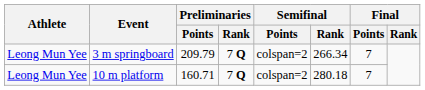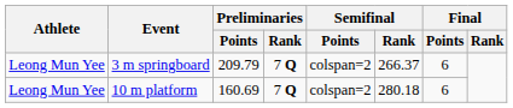 <table class="wikitable" style="font-size:90%;">
 <tr>
 <th rowspan=2>Athlete</th>
 <th rowspan=2>Event</th>
 <th colspan=2>Preliminaries</th>
 <th colspan=2>Semifinal</th>
 <th colspan=2>Final</th>
 </tr>
 <tr style="font-size:95%">
 <th>Points</th>
 <th>Rank</th>
 <th>Points</th>
 <th>Rank</th>
 <th>Points</th>
 <th>Rank</th>
 </tr>
 <tr align=center>
 <td align=left><a href='#'>Leong Mun Yee</a></td>
 <td align=left><a href='#'>3 m springboard</a></td>
 <td>209.79</td>
 <td>7 <strong>Q</strong></td>
 <td>colspan=2 </td>
-<td>266.34</td>
-<td>7</td>
+<td>266.37</td>
+<td>6</td>
 </tr>
 <tr align=center>
 <td align=left><a href='#'>Leong Mun Yee</a></td>
 <td align=left><a href='#'>10 m platform</a></td>
-<td>160.71</td>
+<td>160.69</td>
 <td>7 <strong>Q</strong></td>
 <td>colspan=2 </td>
 <td>280.18</td>
-<td>7</td>
+<td>6</td>
 </tr>
 </table>
